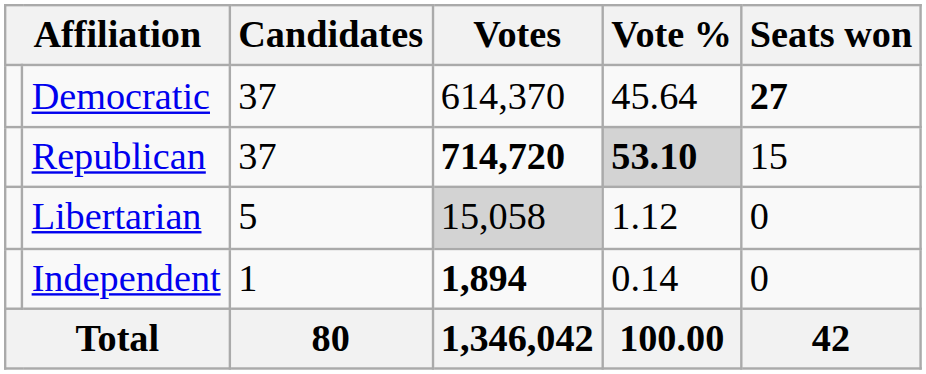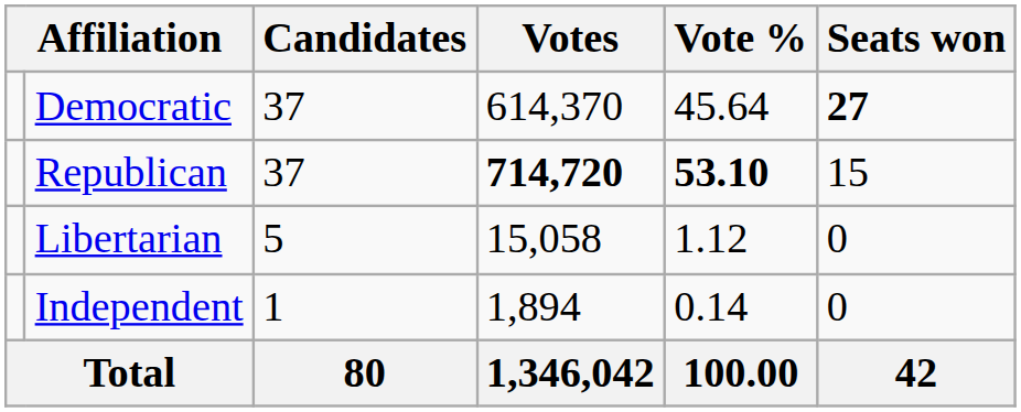 <table class="wikitable">
 <tr>
 <th colspan="2">Affiliation</th>
 <th>Candidates</th>
 <th>Votes</th>
 <th>Vote %</th>
 <th>Seats won</th>
 </tr>
 <tr>
 <td style="background-color:"></td>
 <td><a href='#'>Democratic</a></td>
 <td>37</td>
 <td>614,370</td>
 <td>45.64</td>
 <td><strong>27</strong></td>
 </tr>
 <tr>
 <td style="background-color:"></td>
 <td><a href='#'>Republican</a></td>
 <td>37</td>
 <td><strong>714,720</strong></td>
-<td style="background: lightgrey;"><strong>53.10</strong></td>
+<td><strong>53.10</strong></td>
 <td>15</td>
 </tr>
 <tr>
 <td style="background-color:"></td>
 <td><a href='#'>Libertarian</a></td>
 <td>5</td>
-<td style="background: lightgrey;">15,058</td>
+<td>15,058</td>
 <td>1.12</td>
 <td>0</td>
 </tr>
 <tr>
 <td style="background-color:"></td>
 <td><a href='#'>Independent</a></td>
 <td>1</td>
-<td><strong>1,894</strong></td>
+<td>1,894</td>
 <td>0.14</td>
 <td>0</td>
 </tr>
 <tr>
 <th colspan="2">Total</th>
 <th>80</th>
 <th>1,346,042</th>
 <th>100.00</th>
 <th>42</th>
 </tr>
 </table>
